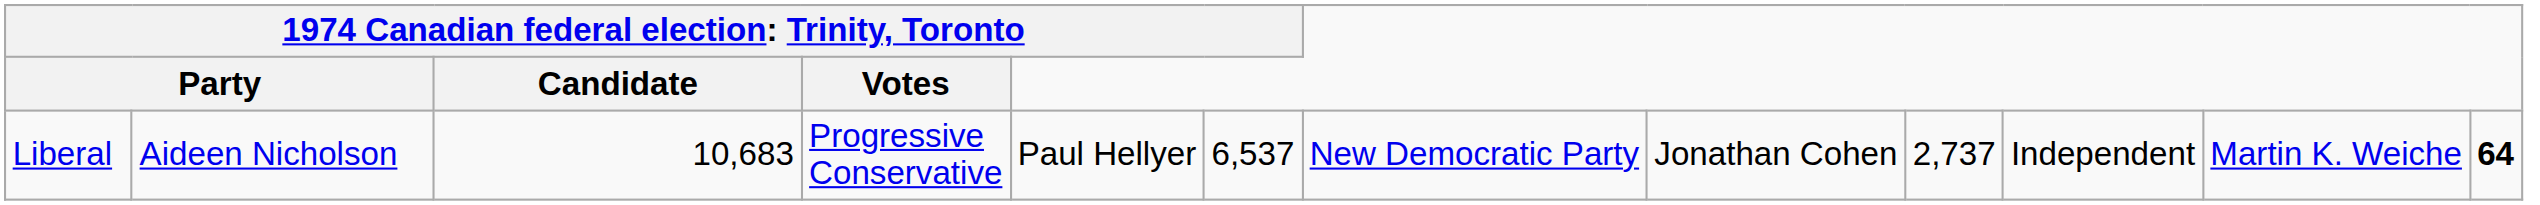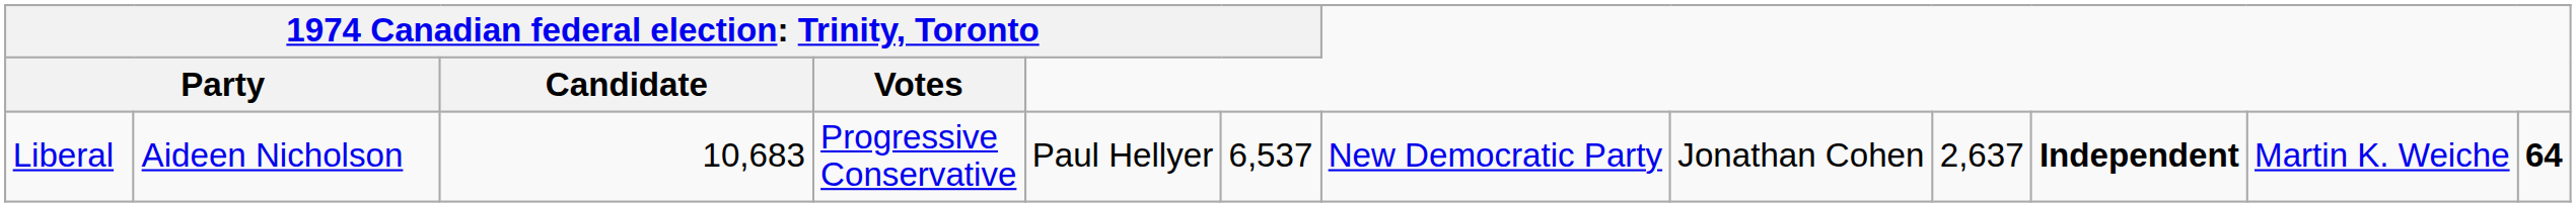 <table class="wikitable">
 <tr style="background:#e9e9e9;">
 <th colspan="6"><a href='#'>1974 Canadian federal election</a>: <a href='#'>Trinity, Toronto</a></th>
 </tr>
 <tr style="background:#e9e9e9;">
 <th colspan="2" style="width: 200px">Party</th>
 <th style="width: 170px">Candidate</th>
 <th style="width: 40px">Votes</th>
 </tr>
 <tr>
 <td><a href='#'>Liberal</a></td>
 <td><a href='#'>Aideen Nicholson</a></td>
 <td align="right">10,683<br></td>
 <td><a href='#'>Progressive Conservative</a></td>
 <td>Paul Hellyer</td>
 <td align="right">6,537<br></td>
 <td><a href='#'>New Democratic Party</a></td>
 <td>Jonathan Cohen</td>
-<td align="right">2,737<br>  </td>
-<td>Independent</td>
+<td align="right">2,637<br>  </td>
+<td><strong>Independent</strong></td>
 <td><a href='#'>Martin K. Weiche</a></td>
 <td align="right"><strong>64</strong></td>
 </tr>
 </table>
